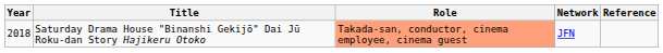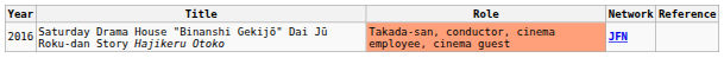 <table class="wikitable">
 <tr>
 <th>Year</th>
 <th>Title</th>
 <th>Role</th>
 <th>Network</th>
 <th>Reference</th>
 </tr>
 <tr>
-<td>2018</td>
+<td>2016</td>
 <td>Saturday Drama House "Binanshi Gekijō" Dai Jū Roku-dan Story <em>Hajikeru Otoko</em></td>
 <td style="background: lightsalmon;">Takada-san, conductor, cinema employee, cinema guest</td>
-<td><a href='#'>JFN</a></td>
+<td><strong><a href='#'>JFN</a></strong></td>
 <td></td>
 </tr>
 </table>
